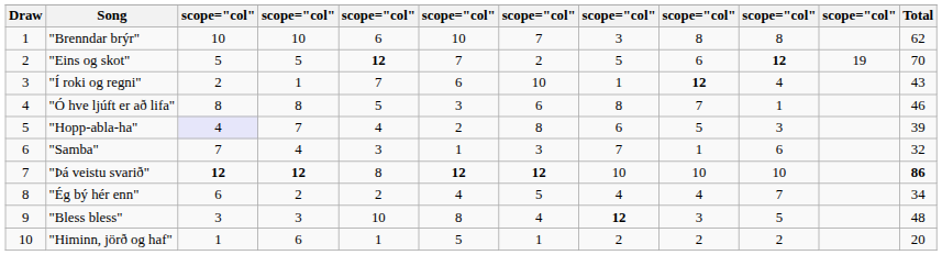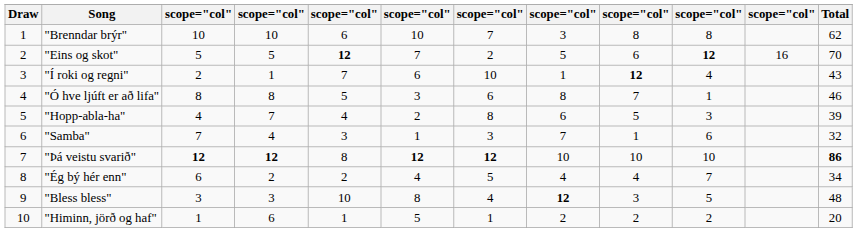 <table class="wikitable plainrowheaders" style="margin: 1em auto 1em auto; text-align:center;">
 <tr>
 </tr>
 <tr>
 <th scope="col">Draw</th>
 <th scope="col">Song</th>
 <th>scope="col" </th>
 <th>scope="col" </th>
 <th>scope="col" </th>
 <th>scope="col" </th>
 <th>scope="col" </th>
 <th>scope="col" </th>
 <th>scope="col" </th>
 <th>scope="col" </th>
 <th>scope="col" </th>
 <th scope="col">Total</th>
 </tr>
 <tr --->
 <td>1</td>
 <td align="left">"Brenndar brýr"</td>
 <td>10</td>
 <td>10</td>
 <td>6</td>
 <td>10</td>
 <td>7</td>
 <td>3</td>
 <td>8</td>
 <td>8</td>
 <td></td>
 <td>62</td>
 </tr>
 <tr --->
 <td>2</td>
 <td align="left">"Eins og skot"</td>
 <td>5</td>
 <td>5</td>
 <td><strong>12</strong></td>
 <td>7</td>
 <td>2</td>
 <td>5</td>
 <td>6</td>
 <td><strong>12</strong></td>
-<td>19</td>
+<td>16</td>
 <td>70</td>
 </tr>
 <tr --->
 <td>3</td>
 <td align="left">"Í roki og regni"</td>
 <td>2</td>
 <td>1</td>
 <td>7</td>
 <td>6</td>
 <td>10</td>
 <td>1</td>
 <td><strong>12</strong></td>
 <td>4</td>
 <td></td>
 <td>43</td>
 </tr>
 <tr --->
 <td>4</td>
 <td align="left">"Ó hve ljúft er að lifa"</td>
 <td>8</td>
 <td>8</td>
 <td>5</td>
 <td>3</td>
 <td>6</td>
 <td>8</td>
 <td>7</td>
 <td>1</td>
 <td></td>
 <td>46</td>
 </tr>
 <tr --->
 <td>5</td>
 <td align="left">"Hopp-abla-ha"</td>
-<td style="background: lavender;">4</td>
+<td>4</td>
 <td>7</td>
 <td>4</td>
 <td>2</td>
 <td>8</td>
 <td>6</td>
 <td>5</td>
 <td>3</td>
 <td></td>
 <td>39</td>
 </tr>
 <tr --->
 <td>6</td>
 <td align="left">"Samba"</td>
 <td>7</td>
 <td>4</td>
 <td>3</td>
 <td>1</td>
 <td>3</td>
 <td>7</td>
 <td>1</td>
 <td>6</td>
 <td></td>
 <td>32</td>
 </tr>
 <tr --->
 <td>7</td>
 <td align="left">"Þá veistu svarið"</td>
 <td><strong>12</strong></td>
 <td><strong>12</strong></td>
 <td>8</td>
 <td><strong>12</strong></td>
 <td><strong>12</strong></td>
 <td>10</td>
 <td>10</td>
 <td>10</td>
 <td></td>
 <td><strong>86</strong></td>
 </tr>
 <tr --->
 <td>8</td>
 <td align="left">"Ég bý hér enn"</td>
 <td>6</td>
 <td>2</td>
 <td>2</td>
 <td>4</td>
 <td>5</td>
 <td>4</td>
 <td>4</td>
 <td>7</td>
 <td></td>
 <td>34</td>
 </tr>
 <tr --->
 <td>9</td>
 <td align="left">"Bless bless"</td>
 <td>3</td>
 <td>3</td>
 <td>10</td>
 <td>8</td>
 <td>4</td>
 <td><strong>12</strong></td>
 <td>3</td>
 <td>5</td>
 <td></td>
 <td>48</td>
 </tr>
 <tr --->
 <td>10</td>
 <td align="left">"Himinn, jörð og haf"</td>
 <td>1</td>
 <td>6</td>
 <td>1</td>
 <td>5</td>
 <td>1</td>
 <td>2</td>
 <td>2</td>
 <td>2</td>
 <td></td>
 <td>20</td>
 </tr>
 </table>
